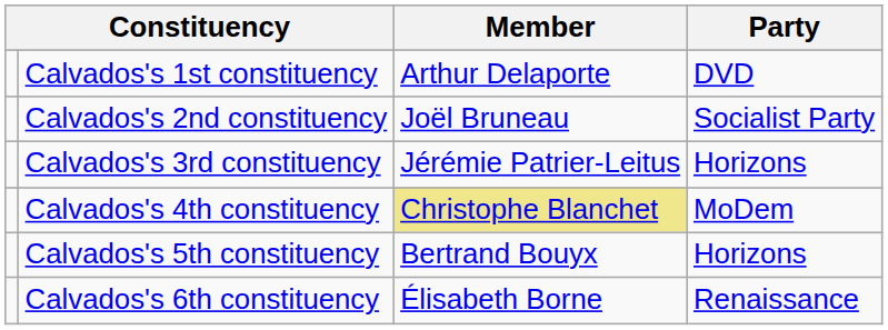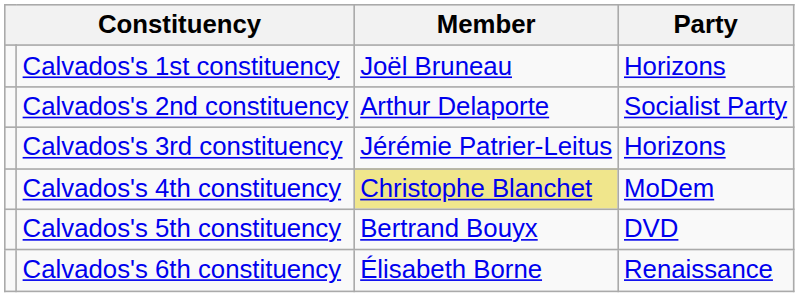 <table class="wikitable">
 <tr>
 <th colspan="2">Constituency</th>
 <th>Member</th>
 <th>Party</th>
 </tr>
 <tr>
 <td style="background-color: "></td>
 <td><a href='#'>Calvados's 1st constituency</a></td>
-<td><a href='#'>Arthur Delaporte</a></td>
-<td><a href='#'>DVD</a></td>
+<td><a href='#'>Joël Bruneau</a></td>
+<td><a href='#'>Horizons</a></td>
 </tr>
 <tr>
 <td style="background-color: "></td>
 <td><a href='#'>Calvados's 2nd constituency</a></td>
-<td><a href='#'>Joël Bruneau</a></td>
+<td><a href='#'>Arthur Delaporte</a></td>
 <td><a href='#'>Socialist Party</a></td>
 </tr>
 <tr>
 <td style="background-color: "></td>
 <td><a href='#'>Calvados's 3rd constituency</a></td>
 <td><a href='#'>Jérémie Patrier-Leitus</a></td>
 <td><a href='#'>Horizons</a></td>
 </tr>
 <tr>
 <td style="background-color: "></td>
 <td><a href='#'>Calvados's 4th constituency</a></td>
 <td style="background: khaki;"><a href='#'>Christophe Blanchet</a></td>
 <td><a href='#'>MoDem</a></td>
 </tr>
 <tr>
 <td style="background-color: "></td>
 <td><a href='#'>Calvados's 5th constituency</a></td>
 <td><a href='#'>Bertrand Bouyx</a></td>
-<td><a href='#'>Horizons</a></td>
+<td><a href='#'>DVD</a></td>
 </tr>
 <tr>
 <td style="background-color: "></td>
 <td><a href='#'>Calvados's 6th constituency</a></td>
 <td><a href='#'>Élisabeth Borne</a></td>
 <td><a href='#'>Renaissance</a></td>
 </tr>
 </table>
